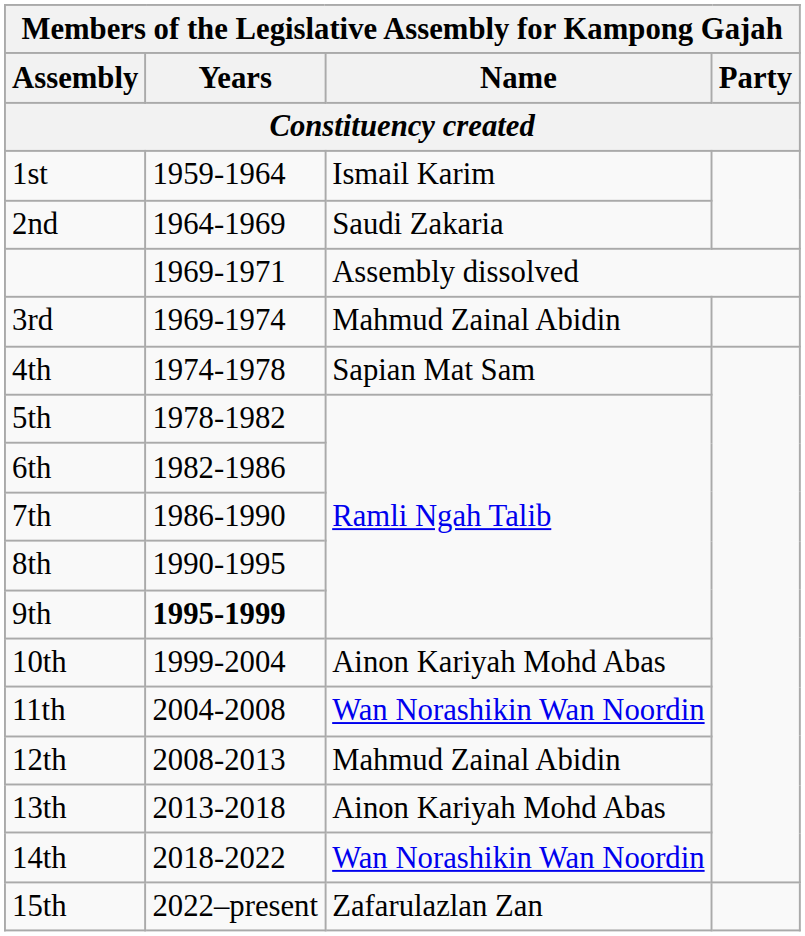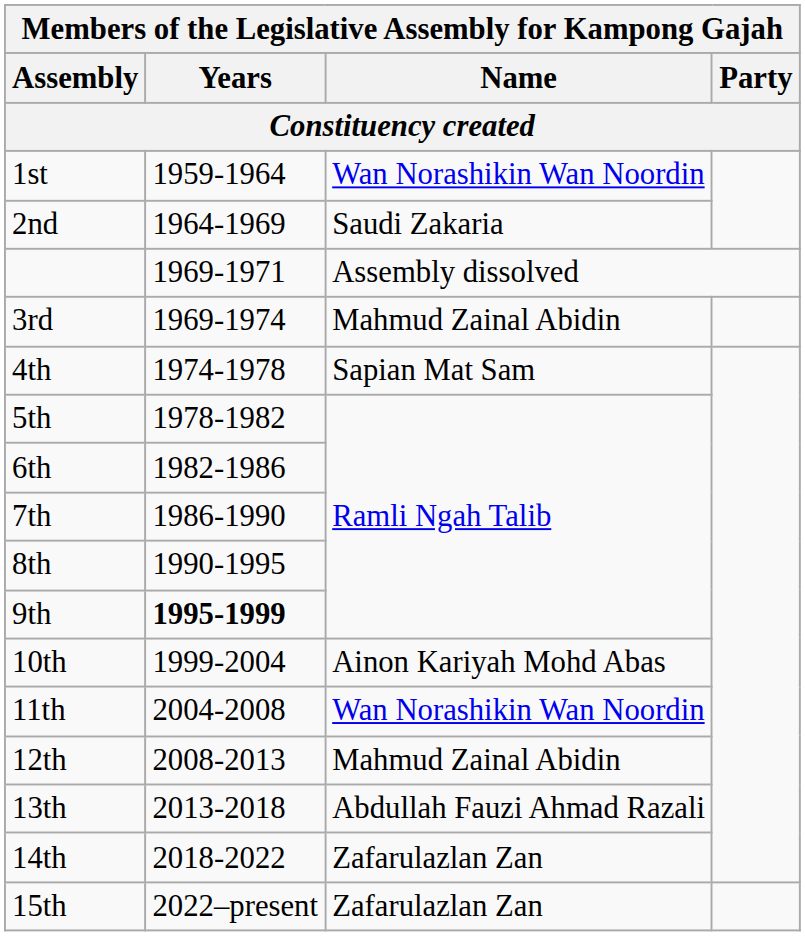 <table class="wikitable">
 <tr>
 <th colspan="4">Members of the Legislative Assembly for Kampong Gajah</th>
 </tr>
 <tr>
 <th>Assembly</th>
 <th>Years</th>
 <th>Name</th>
 <th>Party</th>
 </tr>
 <tr>
 <th colspan="4"><em>Constituency created</em></th>
 </tr>
 <tr>
 <td>1st</td>
 <td>1959-1964</td>
-<td>Ismail Karim</td>
+<td><a href='#'>Wan Norashikin Wan Noordin</a></td>
 <td rowspan="2"></td>
 </tr>
 <tr>
 <td>2nd</td>
 <td>1964-1969</td>
 <td>Saudi Zakaria</td>
 </tr>
 <tr>
 <td></td>
 <td>1969-1971</td>
 <td colspan="2">Assembly dissolved</td>
 </tr>
 <tr>
 <td>3rd</td>
 <td>1969-1974</td>
 <td>Mahmud Zainal Abidin</td>
 <td></td>
 </tr>
 <tr>
 <td>4th</td>
 <td>1974-1978</td>
 <td>Sapian Mat Sam</td>
 <td rowspan="11"></td>
 </tr>
 <tr>
 <td>5th</td>
 <td>1978-1982</td>
 <td rowspan="5"><a href='#'>Ramli Ngah Talib</a></td>
 </tr>
 <tr>
 <td>6th</td>
 <td>1982-1986</td>
 </tr>
 <tr>
 <td>7th</td>
 <td>1986-1990</td>
 </tr>
 <tr>
 <td>8th</td>
 <td>1990-1995</td>
 </tr>
 <tr>
 <td>9th</td>
 <td><strong>1995-1999</strong></td>
 </tr>
 <tr>
 <td>10th</td>
 <td>1999-2004</td>
 <td>Ainon Kariyah Mohd Abas</td>
 </tr>
 <tr>
 <td>11th</td>
 <td>2004-2008</td>
 <td><a href='#'>Wan Norashikin Wan Noordin</a></td>
 </tr>
 <tr>
 <td>12th</td>
 <td>2008-2013</td>
 <td>Mahmud Zainal Abidin</td>
 </tr>
 <tr>
 <td>13th</td>
 <td>2013-2018</td>
-<td>Ainon Kariyah Mohd Abas</td>
+<td>Abdullah Fauzi Ahmad Razali</td>
 </tr>
 <tr>
 <td>14th</td>
 <td>2018-2022</td>
-<td><a href='#'>Wan Norashikin Wan Noordin</a></td>
+<td>Zafarulazlan Zan</td>
 </tr>
 <tr>
 <td>15th</td>
 <td>2022–present</td>
 <td>Zafarulazlan Zan</td>
 <td></td>
 </tr>
 </table>
